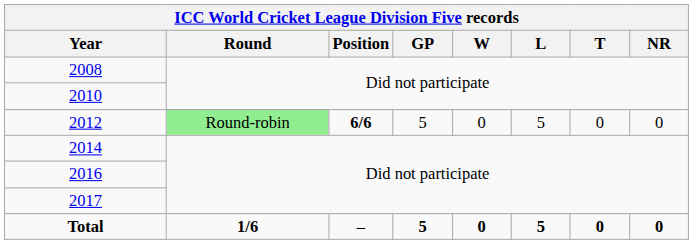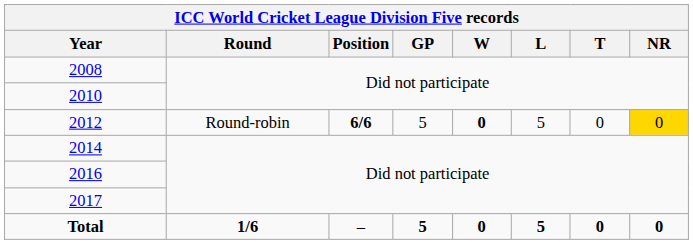 <table class="wikitable" style="text-align: center; width=900px;">
 <tr>
 <th colspan=9><a href='#'>ICC World Cricket League Division Five</a> records</th>
 </tr>
 <tr>
 <th width=150>Year</th>
 <th width=150>Round</th>
 <th width=50>Position</th>
 <th width=50>GP</th>
 <th width=50>W</th>
 <th width=50>L</th>
 <th width=50>T</th>
 <th width=50>NR</th>
 </tr>
 <tr>
 <td> <a href='#'>2008</a></td>
 <td colspan=8 rowspan=2>Did not participate</td>
 </tr>
 <tr>
 <td> <a href='#'>2010</a></td>
 </tr>
 <tr>
 <td> <a href='#'>2012</a></td>
-<td style="background: lightgreen;">Round-robin</td>
+<td>Round-robin</td>
 <td><strong>6/6</strong></td>
 <td>5</td>
-<td>0</td>
+<td><strong>0</strong></td>
 <td>5</td>
 <td>0</td>
-<td>0</td>
+<td style="background: gold;">0</td>
 </tr>
 <tr>
 <td> <a href='#'>2014</a></td>
 <td colspan=8 rowspan=3>Did not participate</td>
 </tr>
 <tr>
 <td> <a href='#'>2016</a></td>
 </tr>
 <tr>
 <td> <a href='#'>2017</a></td>
 </tr>
 <tr>
 <td><strong>Total</strong></td>
 <td><strong>1/6</strong></td>
 <td>–</td>
 <td><strong>5</strong></td>
 <td><strong>0</strong></td>
 <td><strong>5</strong></td>
 <td><strong>0</strong></td>
 <td><strong>0</strong></td>
 </tr>
 </table>
